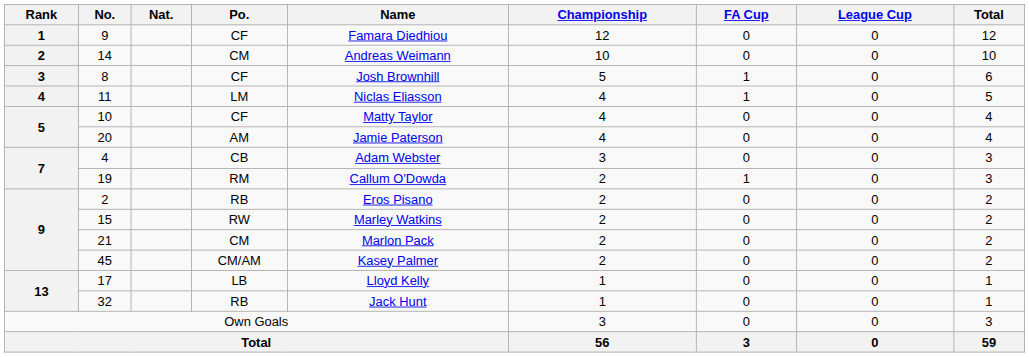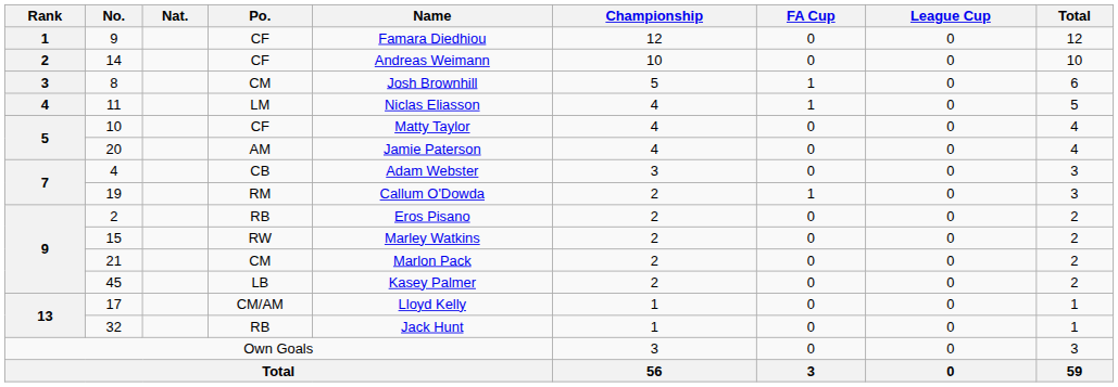 <table class="wikitable" style="text-align:center; font-size:95%; width:95%;">
 <tr>
 <th>Rank</th>
 <th>No.</th>
 <th>Nat.</th>
 <th>Po.</th>
 <th>Name</th>
 <th><a href='#'>Championship</a></th>
 <th><a href='#'>FA Cup</a></th>
 <th><a href='#'>League Cup</a></th>
 <th>Total</th>
 </tr>
 <tr>
 <th rowspan=1>1</th>
 <td>9</td>
 <td></td>
 <td>CF</td>
 <td><a href='#'>Famara Diedhiou</a></td>
 <td>12</td>
 <td>0</td>
 <td>0</td>
 <td>12</td>
 </tr>
 <tr>
 <th rowspan=1>2</th>
 <td>14</td>
 <td></td>
-<td>CM</td>
+<td>CF</td>
 <td><a href='#'>Andreas Weimann</a></td>
 <td>10</td>
 <td>0</td>
 <td>0</td>
 <td>10</td>
 </tr>
 <tr>
 <th rowpsan=1>3</th>
 <td>8</td>
 <td></td>
-<td>CF</td>
+<td>CM</td>
 <td><a href='#'>Josh Brownhill</a></td>
 <td>5</td>
 <td>1</td>
 <td>0</td>
 <td>6</td>
 </tr>
 <tr>
 <th rowspan=1>4</th>
 <td>11</td>
 <td></td>
 <td>LM</td>
 <td><a href='#'>Niclas Eliasson</a></td>
 <td>4</td>
 <td>1</td>
 <td>0</td>
 <td>5</td>
 </tr>
 <tr>
 <th rowspan=2>5</th>
 <td>10</td>
 <td></td>
 <td>CF</td>
 <td><a href='#'>Matty Taylor</a></td>
 <td>4</td>
 <td>0</td>
 <td>0</td>
 <td>4</td>
 </tr>
 <tr>
 <td>20</td>
 <td></td>
 <td>AM</td>
 <td><a href='#'>Jamie Paterson</a></td>
 <td>4</td>
 <td>0</td>
 <td>0</td>
 <td>4</td>
 </tr>
 <tr>
 <th rowspan=2>7</th>
 <td>4</td>
 <td></td>
 <td>CB</td>
 <td><a href='#'>Adam Webster</a></td>
 <td>3</td>
 <td>0</td>
 <td>0</td>
 <td>3</td>
 </tr>
 <tr>
 <td>19</td>
 <td></td>
 <td>RM</td>
 <td><a href='#'>Callum O'Dowda</a></td>
 <td>2</td>
 <td>1</td>
 <td>0</td>
 <td>3</td>
 </tr>
 <tr>
 <th rowspan=4>9</th>
 <td>2</td>
 <td></td>
 <td>RB</td>
 <td><a href='#'>Eros Pisano</a></td>
 <td>2</td>
 <td>0</td>
 <td>0</td>
 <td>2</td>
 </tr>
 <tr>
 <td>15</td>
 <td></td>
 <td>RW</td>
 <td><a href='#'>Marley Watkins</a></td>
 <td>2</td>
 <td>0</td>
 <td>0</td>
 <td>2</td>
 </tr>
 <tr>
 <td>21</td>
 <td></td>
 <td>CM</td>
 <td><a href='#'>Marlon Pack</a></td>
 <td>2</td>
 <td>0</td>
 <td>0</td>
 <td>2</td>
 </tr>
 <tr>
 <td>45</td>
 <td></td>
-<td>CM/AM</td>
+<td>LB</td>
 <td><a href='#'>Kasey Palmer</a></td>
 <td>2</td>
 <td>0</td>
 <td>0</td>
 <td>2</td>
 </tr>
 <tr>
 <th rowspan=2>13</th>
 <td>17</td>
 <td></td>
-<td>LB</td>
+<td>CM/AM</td>
 <td><a href='#'>Lloyd Kelly</a></td>
 <td>1</td>
 <td>0</td>
 <td>0</td>
 <td>1</td>
 </tr>
 <tr>
 <td>32</td>
 <td></td>
 <td>RB</td>
 <td><a href='#'>Jack Hunt</a></td>
 <td>1</td>
 <td>0</td>
 <td>0</td>
 <td>1</td>
 </tr>
 <tr>
 <td colspan=5>Own Goals</td>
 <td>3</td>
 <td>0</td>
 <td>0</td>
 <td>3</td>
 </tr>
 <tr>
 <th colspan=5>Total</th>
 <th>56</th>
 <th>3</th>
 <th>0</th>
 <th>59</th>
 </tr>
 </table>
